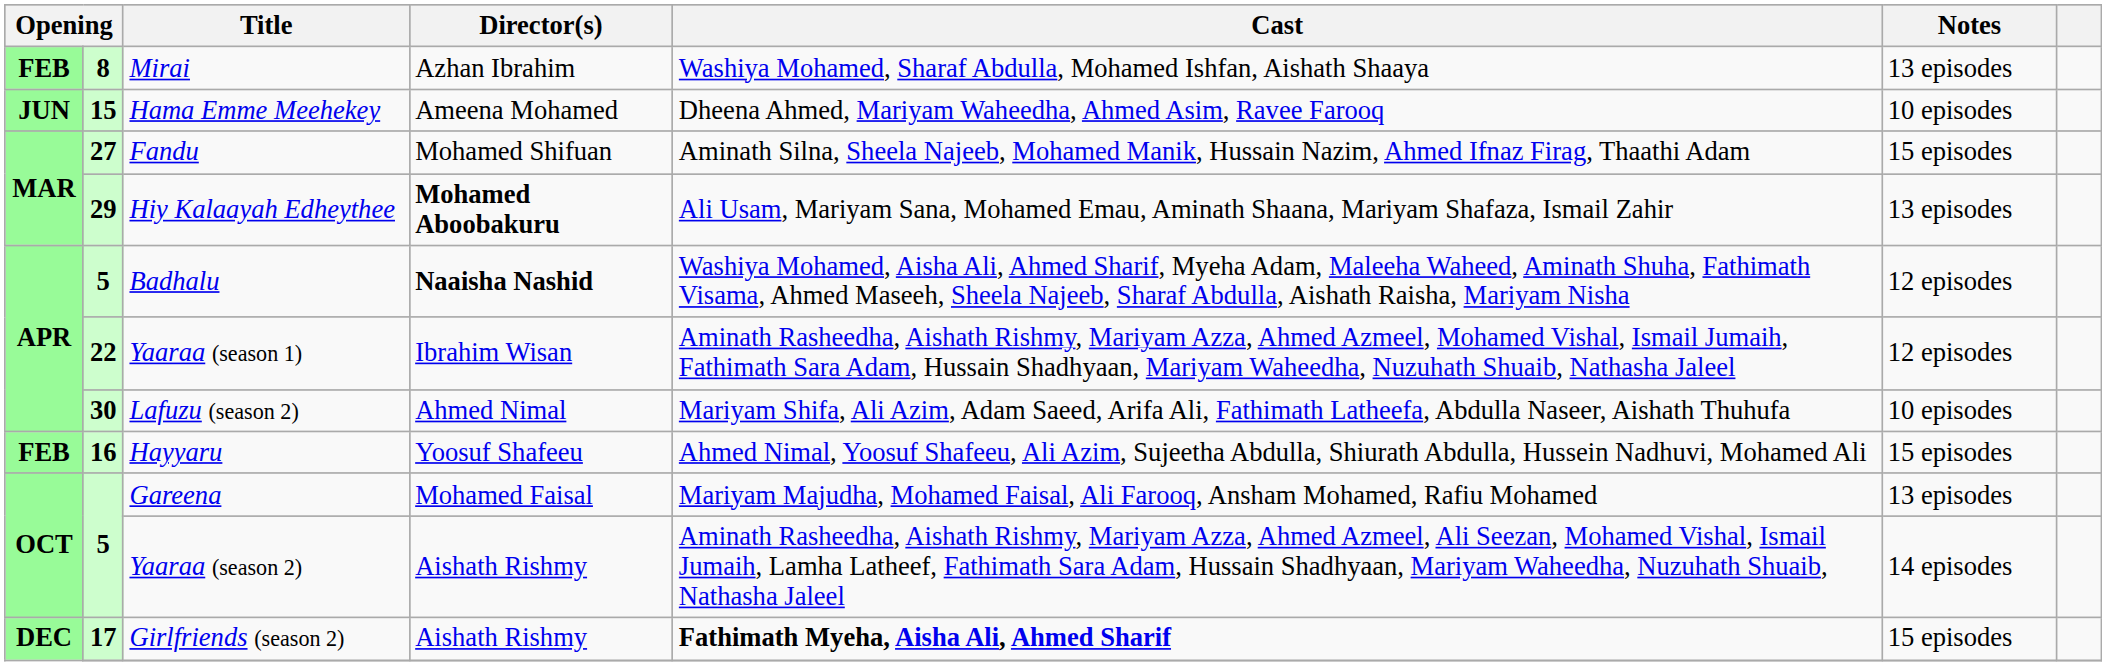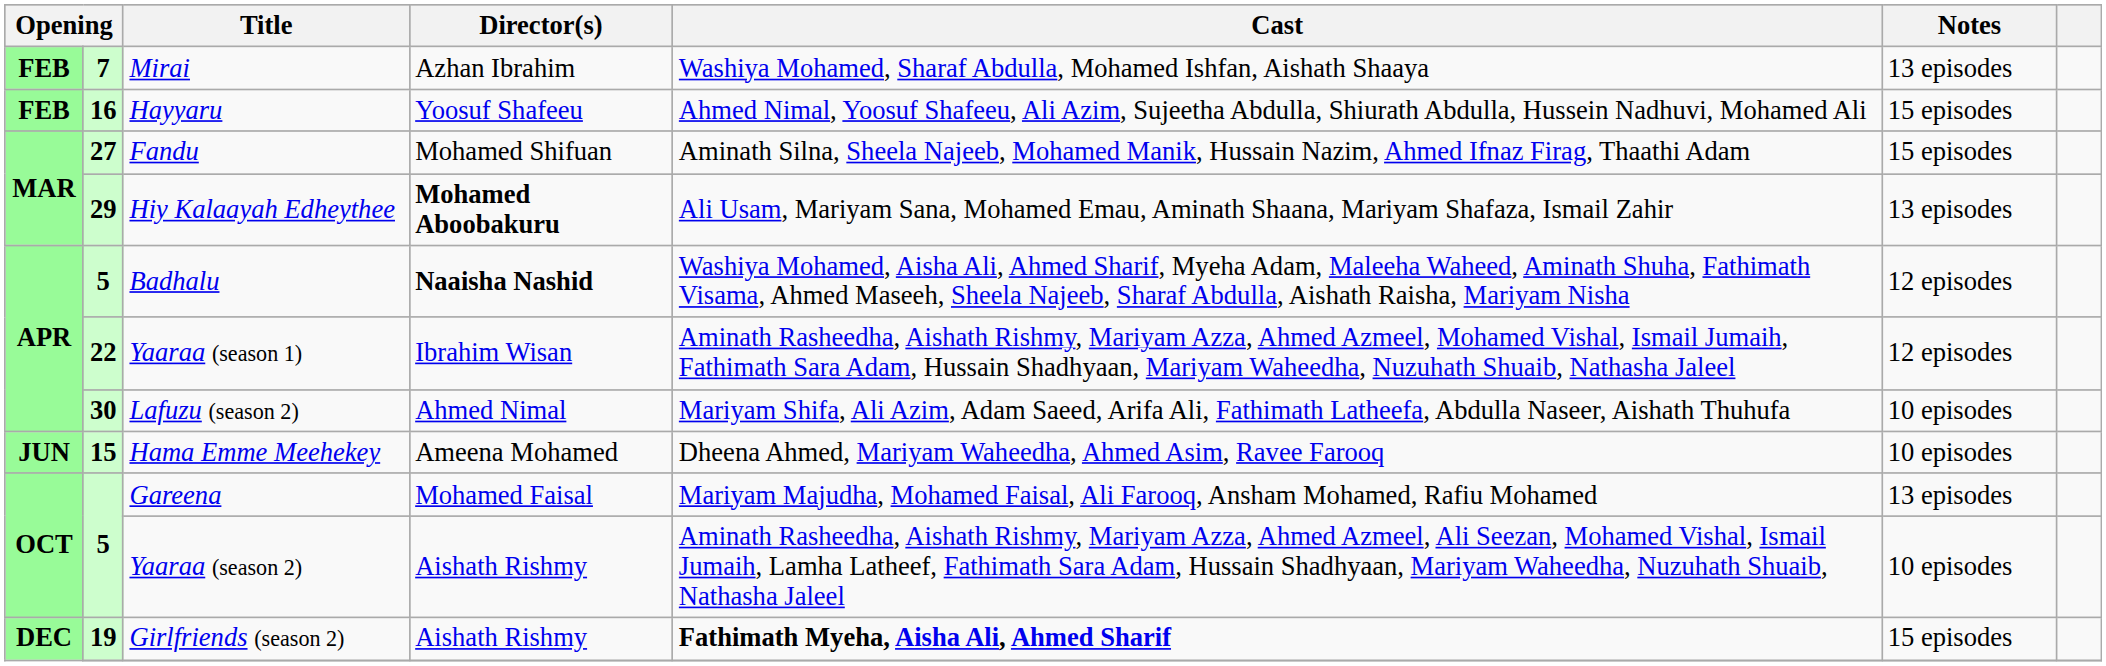 <table class="wikitable plainrowheaders" width="100%">
 <tr>
 <th scope="col" colspan="2" width=4%>Opening</th>
 <th scope="col" width=13%>Title</th>
 <th scope="col" width=12%>Director(s)</th>
 <th scope="col" width=55%>Cast</th>
 <th scope="col" width=8%>Notes</th>
 <th scope="col" width=2%></th>
 </tr>
 <tr>
 <td style="text-align:center; background:#98fb98; textcolor:#000;"><strong>FEB</strong></td>
-<td style="text-align:center; textcolor:#000; background:#cdfecd;"><strong>8</strong></td>
+<td style="text-align:center; textcolor:#000; background:#cdfecd;"><strong>7</strong></td>
 <td><em><a href='#'>Mirai</a></em></td>
 <td>Azhan Ibrahim</td>
 <td><a href='#'>Washiya Mohamed</a>, <a href='#'>Sharaf Abdulla</a>, Mohamed Ishfan, Aishath Shaaya</td>
 <td>13 episodes</td>
 <td style="text-align:center;"></td>
 </tr>
 <tr>
-<td style="text-align:center; background:#98fb98; textcolor:#000;"><strong>JUN</strong></td>
-<td style="text-align:center; textcolor:#000; background:#cdfecd;"><strong>15</strong></td>
-<td><em><a href='#'>Hama Emme Meehekey</a></em></td>
-<td>Ameena Mohamed</td>
-<td>Dheena Ahmed, <a href='#'>Mariyam Waheedha</a>, <a href='#'>Ahmed Asim</a>, <a href='#'>Ravee Farooq</a></td>
-<td>10 episodes</td>
+<td style="text-align:center; background:#98fb98; textcolor:#000;"><strong>FEB</strong></td>
+<td style="text-align:center; textcolor:#000; background:#cdfecd;"><strong>16</strong></td>
+<td><em><a href='#'>Hayyaru</a></em></td>
+<td><a href='#'>Yoosuf Shafeeu</a></td>
+<td><a href='#'>Ahmed Nimal</a>, <a href='#'>Yoosuf Shafeeu</a>, <a href='#'>Ali Azim</a>, Sujeetha Abdulla, Shiurath Abdulla, Hussein Nadhuvi, Mohamed Ali</td>
+<td>15 episodes</td>
 <td style="text-align:center;"></td>
 </tr>
 <tr>
 <td rowspan="2" style="text-align:center; background:#98fb98; textcolor:#000;"><strong>MAR</strong></td>
 <td style="text-align:center; textcolor:#000; background:#cdfecd;"><strong>27</strong></td>
 <td><em><a href='#'>Fandu</a></em></td>
 <td>Mohamed Shifuan</td>
 <td>Aminath Silna, <a href='#'>Sheela Najeeb</a>, <a href='#'>Mohamed Manik</a>, Hussain Nazim, <a href='#'>Ahmed Ifnaz Firag</a>, Thaathi Adam</td>
 <td>15 episodes</td>
 <td style="text-align:center;"></td>
 </tr>
 <tr>
 <td style="text-align:center; textcolor:#000; background:#cdfecd;"><strong>29</strong></td>
 <td><em><a href='#'>Hiy Kalaayah Edheythee</a></em></td>
 <td><strong>Mohamed Aboobakuru</strong></td>
 <td><a href='#'>Ali Usam</a>, Mariyam Sana, Mohamed Emau, Aminath Shaana, Mariyam Shafaza, Ismail Zahir</td>
 <td>13 episodes</td>
 <td style="text-align:center;"></td>
 </tr>
 <tr>
 <td style="text-align:center; background:#98fb98; textcolor:#000;" rowspan="3"><strong>APR</strong></td>
 <td style="text-align:center; textcolor:#000; background:#cdfecd;"><strong>5</strong></td>
 <td><em><a href='#'>Badhalu</a></em></td>
 <td><strong>Naaisha Nashid</strong></td>
 <td><a href='#'>Washiya Mohamed</a>, <a href='#'>Aisha Ali</a>, <a href='#'>Ahmed Sharif</a>, Myeha Adam, <a href='#'>Maleeha Waheed</a>, <a href='#'>Aminath Shuha</a>, <a href='#'>Fathimath Visama</a>, Ahmed Maseeh, <a href='#'>Sheela Najeeb</a>, <a href='#'>Sharaf Abdulla</a>, Aishath Raisha, <a href='#'>Mariyam Nisha</a></td>
 <td>12 episodes</td>
 <td style="text-align:center;"></td>
 </tr>
 <tr>
 <td style="text-align:center; textcolor:#000; background:#cdfecd;"><strong>22</strong></td>
 <td><em><a href='#'>Yaaraa</a></em> <small>(season 1)</small></td>
 <td><a href='#'>Ibrahim Wisan</a></td>
 <td><a href='#'>Aminath Rasheedha</a>, <a href='#'>Aishath Rishmy</a>, <a href='#'>Mariyam Azza</a>, <a href='#'>Ahmed Azmeel</a>, <a href='#'>Mohamed Vishal</a>, <a href='#'>Ismail Jumaih</a>, <a href='#'>Fathimath Sara Adam</a>, Hussain Shadhyaan, <a href='#'>Mariyam Waheedha</a>, <a href='#'>Nuzuhath Shuaib</a>, <a href='#'>Nathasha Jaleel</a></td>
 <td>12 episodes</td>
 <td style="text-align:center;"></td>
 </tr>
 <tr>
 <td style="text-align:center; textcolor:#000; background:#cdfecd;"><strong>30</strong></td>
 <td><em><a href='#'>Lafuzu</a></em> <small>(season 2)</small></td>
 <td><a href='#'>Ahmed Nimal</a></td>
 <td><a href='#'>Mariyam Shifa</a>, <a href='#'>Ali Azim</a>, Adam Saeed, Arifa Ali, <a href='#'>Fathimath Latheefa</a>, Abdulla Naseer, Aishath Thuhufa</td>
 <td>10 episodes</td>
 <td style="text-align:center;"></td>
 </tr>
 <tr>
-<td style="text-align:center; background:#98fb98; textcolor:#000;"><strong>FEB</strong></td>
-<td style="text-align:center; textcolor:#000; background:#cdfecd;"><strong>16</strong></td>
-<td><em><a href='#'>Hayyaru</a></em></td>
-<td><a href='#'>Yoosuf Shafeeu</a></td>
-<td><a href='#'>Ahmed Nimal</a>, <a href='#'>Yoosuf Shafeeu</a>, <a href='#'>Ali Azim</a>, Sujeetha Abdulla, Shiurath Abdulla, Hussein Nadhuvi, Mohamed Ali</td>
-<td>15 episodes</td>
+<td style="text-align:center; background:#98fb98; textcolor:#000;"><strong>JUN</strong></td>
+<td style="text-align:center; textcolor:#000; background:#cdfecd;"><strong>15</strong></td>
+<td><em><a href='#'>Hama Emme Meehekey</a></em></td>
+<td>Ameena Mohamed</td>
+<td>Dheena Ahmed, <a href='#'>Mariyam Waheedha</a>, <a href='#'>Ahmed Asim</a>, <a href='#'>Ravee Farooq</a></td>
+<td>10 episodes</td>
 <td style="text-align:center;"></td>
 </tr>
 <tr>
 <td style="text-align:center; background:#98fb98; textcolor:#000;" rowspan="2"><strong>OCT</strong></td>
 <td style="text-align:center; textcolor:#000; background:#cdfecd;" rowspan="2"><strong>5</strong></td>
 <td><em><a href='#'>Gareena</a></em></td>
 <td><a href='#'>Mohamed Faisal</a></td>
 <td><a href='#'>Mariyam Majudha</a>, <a href='#'>Mohamed Faisal</a>, <a href='#'>Ali Farooq</a>, Ansham Mohamed, Rafiu Mohamed</td>
 <td>13 episodes</td>
 <td style="text-align:center;"></td>
 </tr>
 <tr>
 <td><em><a href='#'>Yaaraa</a></em> <small>(season 2)</small></td>
 <td><a href='#'>Aishath Rishmy</a></td>
 <td><a href='#'>Aminath Rasheedha</a>, <a href='#'>Aishath Rishmy</a>, <a href='#'>Mariyam Azza</a>, <a href='#'>Ahmed Azmeel</a>, <a href='#'>Ali Seezan</a>, <a href='#'>Mohamed Vishal</a>, <a href='#'>Ismail Jumaih</a>, Lamha Latheef, <a href='#'>Fathimath Sara Adam</a>, Hussain Shadhyaan, <a href='#'>Mariyam Waheedha</a>, <a href='#'>Nuzuhath Shuaib</a>, <a href='#'>Nathasha Jaleel</a></td>
-<td>14 episodes</td>
+<td>10 episodes</td>
 <td style="text-align:center;"></td>
 </tr>
 <tr>
 <td style="text-align:center; background:#98fb98; textcolor:#000;" rowspan="2"><strong>DEC</strong></td>
-<td style="text-align:center; textcolor:#000; background:#cdfecd;"><strong>17</strong></td>
+<td style="text-align:center; textcolor:#000; background:#cdfecd;"><strong>19</strong></td>
 <td><em><a href='#'>Girlfriends</a></em> <small>(season 2)</small></td>
 <td><a href='#'>Aishath Rishmy</a></td>
 <td><strong>Fathimath Myeha, <a href='#'>Aisha Ali</a>, <a href='#'>Ahmed Sharif</a></strong></td>
 <td>15 episodes</td>
 <td style="text-align: center;"></td>
 </tr>
 <tr>
 </tr>
 </table>
